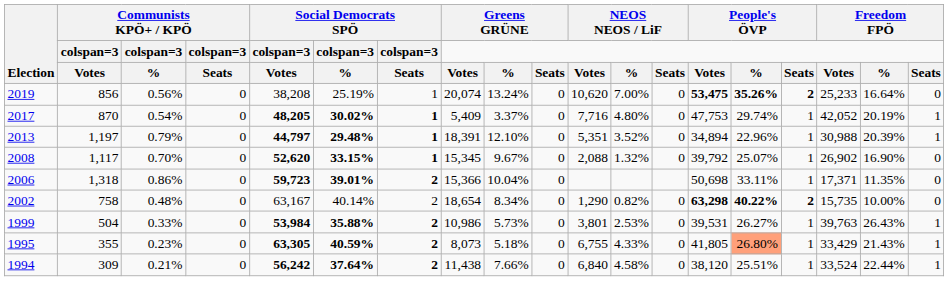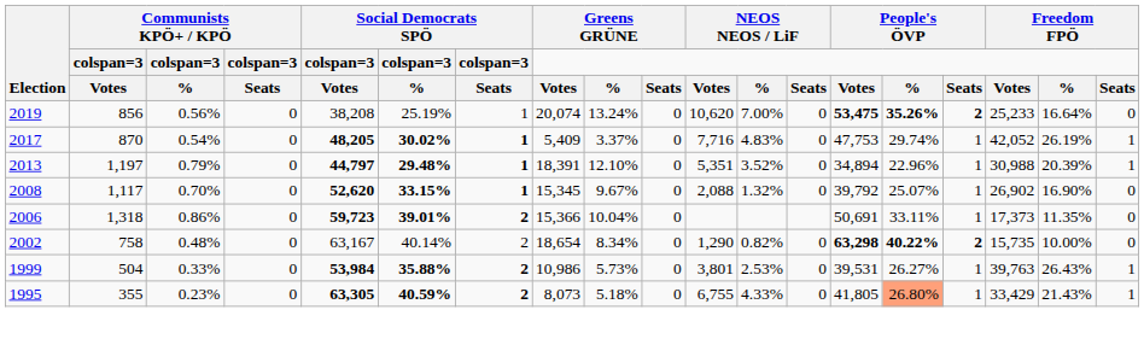 <table class="wikitable" border="1" style="font-size:100%; text-align:right;">
 <tr>
 <th style="text-align:left;" valign=bottom rowspan=3>Election</th>
 <th valign=bottom colspan=3><a href='#'>Communists</a><br>KPÖ+ / KPÖ</th>
 <th valign=bottom colspan=3><a href='#'>Social Democrats</a><br>SPÖ</th>
 <th valign=bottom colspan=3><a href='#'>Greens</a><br>GRÜNE</th>
 <th valign=bottom colspan=3><a href='#'>NEOS</a><br>NEOS / LiF</th>
 <th valign=bottom colspan=3><a href='#'>People's</a><br>ÖVP</th>
 <th valign=bottom colspan=3><a href='#'>Freedom</a><br>FPÖ</th>
 </tr>
 <tr>
 <th>colspan=3 </th>
 <th>colspan=3 </th>
 <th>colspan=3 </th>
 <th>colspan=3 </th>
 <th>colspan=3 </th>
 <th>colspan=3 </th>
 </tr>
 <tr>
 <th>Votes</th>
 <th>%</th>
 <th>Seats</th>
 <th>Votes</th>
 <th>%</th>
 <th>Seats</th>
 <th>Votes</th>
 <th>%</th>
 <th>Seats</th>
 <th>Votes</th>
 <th>%</th>
 <th>Seats</th>
 <th>Votes</th>
 <th>%</th>
 <th>Seats</th>
 <th>Votes</th>
 <th>%</th>
 <th>Seats</th>
 </tr>
 <tr>
 <td align=left><a href='#'>2019</a></td>
 <td>856</td>
 <td>0.56%</td>
 <td>0</td>
 <td>38,208</td>
 <td>25.19%</td>
 <td>1</td>
 <td>20,074</td>
 <td>13.24%</td>
 <td>0</td>
 <td>10,620</td>
 <td>7.00%</td>
 <td>0</td>
 <td><strong>53,475</strong></td>
 <td><strong>35.26%</strong></td>
 <td><strong>2</strong></td>
 <td>25,233</td>
 <td>16.64%</td>
 <td>0</td>
 </tr>
 <tr>
 <td align=left><a href='#'>2017</a></td>
 <td>870</td>
 <td>0.54%</td>
 <td>0</td>
 <td><strong>48,205</strong></td>
 <td><strong>30.02%</strong></td>
 <td><strong>1</strong></td>
 <td>5,409</td>
 <td>3.37%</td>
 <td>0</td>
 <td>7,716</td>
-<td>4.80%</td>
+<td>4.83%</td>
 <td>0</td>
 <td>47,753</td>
 <td>29.74%</td>
 <td>1</td>
 <td>42,052</td>
-<td>20.19%</td>
+<td>26.19%</td>
 <td>1</td>
 </tr>
 <tr>
 <td align=left><a href='#'>2013</a></td>
 <td>1,197</td>
 <td>0.79%</td>
 <td>0</td>
 <td><strong>44,797</strong></td>
 <td><strong>29.48%</strong></td>
 <td><strong>1</strong></td>
 <td>18,391</td>
 <td>12.10%</td>
 <td>0</td>
 <td>5,351</td>
 <td>3.52%</td>
 <td>0</td>
 <td>34,894</td>
 <td>22.96%</td>
 <td>1</td>
 <td>30,988</td>
 <td>20.39%</td>
 <td>1</td>
 </tr>
 <tr>
 <td align=left><a href='#'>2008</a></td>
 <td>1,117</td>
 <td>0.70%</td>
 <td>0</td>
 <td><strong>52,620</strong></td>
 <td><strong>33.15%</strong></td>
 <td><strong>1</strong></td>
 <td>15,345</td>
 <td>9.67%</td>
 <td>0</td>
 <td>2,088</td>
 <td>1.32%</td>
 <td>0</td>
 <td>39,792</td>
 <td>25.07%</td>
 <td>1</td>
 <td>26,902</td>
 <td>16.90%</td>
 <td>0</td>
 </tr>
 <tr>
 <td align=left><a href='#'>2006</a></td>
 <td>1,318</td>
 <td>0.86%</td>
 <td>0</td>
 <td><strong>59,723</strong></td>
 <td><strong>39.01%</strong></td>
 <td><strong>2</strong></td>
 <td>15,366</td>
 <td>10.04%</td>
 <td>0</td>
 <td></td>
 <td></td>
 <td></td>
-<td>50,698</td>
+<td>50,691</td>
 <td>33.11%</td>
 <td>1</td>
-<td>17,371</td>
+<td>17,373</td>
 <td>11.35%</td>
 <td>0</td>
 </tr>
 <tr>
 <td align=left><a href='#'>2002</a></td>
 <td>758</td>
 <td>0.48%</td>
 <td>0</td>
 <td>63,167</td>
 <td>40.14%</td>
 <td>2</td>
 <td>18,654</td>
 <td>8.34%</td>
 <td>0</td>
 <td>1,290</td>
 <td>0.82%</td>
 <td>0</td>
 <td><strong>63,298</strong></td>
 <td><strong>40.22%</strong></td>
 <td><strong>2</strong></td>
 <td>15,735</td>
 <td>10.00%</td>
 <td>0</td>
 </tr>
 <tr>
 <td align=left><a href='#'>1999</a></td>
 <td>504</td>
 <td>0.33%</td>
 <td>0</td>
 <td><strong>53,984</strong></td>
 <td><strong>35.88%</strong></td>
 <td><strong>2</strong></td>
 <td>10,986</td>
 <td>5.73%</td>
 <td>0</td>
 <td>3,801</td>
 <td>2.53%</td>
 <td>0</td>
 <td>39,531</td>
 <td>26.27%</td>
 <td>1</td>
 <td>39,763</td>
 <td>26.43%</td>
 <td>1</td>
 </tr>
 <tr>
 <td align=left><a href='#'>1995</a></td>
 <td>355</td>
 <td>0.23%</td>
 <td>0</td>
 <td><strong>63,305</strong></td>
 <td><strong>40.59%</strong></td>
 <td><strong>2</strong></td>
 <td>8,073</td>
 <td>5.18%</td>
 <td>0</td>
 <td>6,755</td>
 <td>4.33%</td>
 <td>0</td>
 <td>41,805</td>
 <td style="background: lightsalmon;">26.80%</td>
 <td>1</td>
 <td>33,429</td>
 <td>21.43%</td>
 <td>1</td>
 </tr>
-<tr>
-<td align=left><a href='#'>1994</a></td>
-<td>309</td>
-<td>0.21%</td>
-<td>0</td>
-<td><strong>56,242</strong></td>
-<td><strong>37.64%</strong></td>
-<td><strong>2</strong></td>
-<td>11,438</td>
-<td>7.66%</td>
-<td>0</td>
-<td>6,840</td>
-<td>4.58%</td>
-<td>0</td>
-<td>38,120</td>
-<td>25.51%</td>
-<td>1</td>
-<td>33,524</td>
-<td>22.44%</td>
-<td>1</td>
-</tr>
 </table>
